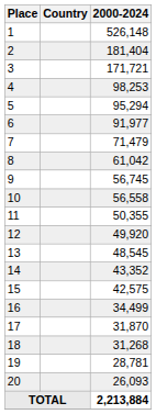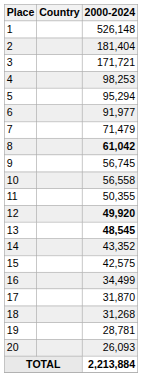 <table class="wikitable">
 <tr>
 <th>Place</th>
 <th>Country</th>
 <th>2000-2024</th>
 </tr>
 <tr bgcolor="#ffffff">
 <td>1</td>
 <td></td>
 <td align=right>526,148</td>
 </tr>
 <tr bgcolor="#efefef">
 <td>2</td>
 <td></td>
 <td align="right">181,404</td>
 </tr>
 <tr bgcolor="#ffffff">
 <td>3</td>
 <td></td>
 <td align="right">171,721</td>
 </tr>
 <tr bgcolor="#efefef">
 <td>4</td>
 <td></td>
 <td align="right">98,253</td>
 </tr>
 <tr bgcolor="#ffffff">
 <td>5</td>
 <td></td>
 <td align="right">95,294</td>
 </tr>
 <tr bgcolor="#efefef">
 <td>6</td>
 <td></td>
 <td align="right">91,977</td>
 </tr>
 <tr bgcolor="#ffffff">
 <td>7</td>
 <td></td>
 <td align=right>71,479</td>
 </tr>
 <tr bgcolor="#efefef">
 <td>8</td>
 <td></td>
-<td align="right">61,042</td>
+<td align="right"><strong>61,042</strong></td>
 </tr>
 <tr bgcolor="#ffffff">
 <td>9</td>
 <td></td>
 <td align=right>56,745</td>
 </tr>
 <tr bgcolor="#efefef">
 <td>10</td>
 <td></td>
 <td align=right>56,558</td>
 </tr>
 <tr bgcolor="#ffffff">
 <td>11</td>
 <td></td>
 <td align=right>50,355</td>
 </tr>
 <tr bgcolor="#efefef">
 <td>12</td>
 <td></td>
-<td align=right>49,920</td>
+<td align=right><strong>49,920</strong></td>
 </tr>
 <tr bgcolor="#ffffff">
 <td>13</td>
 <td></td>
-<td align=right>48,545</td>
+<td align=right><strong>48,545</strong></td>
 </tr>
 <tr bgcolor="#efefef">
 <td>14</td>
 <td></td>
 <td align=right>43,352</td>
 </tr>
 <tr bgcolor="#ffffff">
 <td>15</td>
 <td></td>
 <td align=right>42,575</td>
 </tr>
 <tr bgcolor="#efefef">
 <td>16</td>
 <td></td>
 <td align=right>34,499</td>
 </tr>
 <tr bgcolor="#ffffff">
 <td>17</td>
 <td></td>
 <td align=right>31,870</td>
 </tr>
 <tr bgcolor="#efefef">
 <td>18</td>
 <td></td>
 <td align=right>31,268</td>
 </tr>
 <tr bgcolor="#ffffff">
 <td>19</td>
 <td></td>
 <td align=right>28,781</td>
 </tr>
 <tr bgcolor="#efefef">
 <td>20</td>
 <td></td>
 <td align=right>26,093</td>
 </tr>
 <tr bgcolor="#ffffff">
 <td colspan=2 style="background:#e9e9e9;" align=center><strong>TOTAL</strong></td>
 <td align=right><strong>2,213,884</strong></td>
 </tr>
 <tr bgcolor="#efefef">
 </tr>
 </table>
